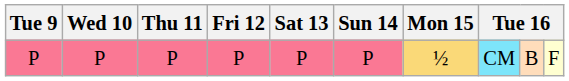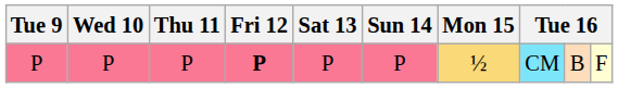 <table class="wikitable" style="margin:0.5em auto; font-size:90%; line-height:1.25em; text-align:center">
 <tr>
 <th>Tue 9</th>
 <th>Wed 10</th>
 <th>Thu 11</th>
 <th>Fri 12</th>
 <th>Sat 13</th>
 <th>Sun 14</th>
 <th>Mon 15</th>
 <th colspan=3>Tue 16</th>
 </tr>
 <tr>
 <td bgcolor="#FA7894">P</td>
 <td bgcolor="#FA7894">P</td>
 <td bgcolor="#FA7894">P</td>
-<td bgcolor="#FA7894">P</td>
+<td bgcolor="#FA7894"><strong>P</strong></td>
 <td bgcolor="#FA7894">P</td>
 <td bgcolor="#FA7894">P</td>
 <td bgcolor="#FAD978">½</td>
 <td bgcolor="#7DE5FA">CM</td>
 <td bgcolor="#fdb">B</td>
 <td bgcolor="#ffffd1">F</td>
 </tr>
 </table>
